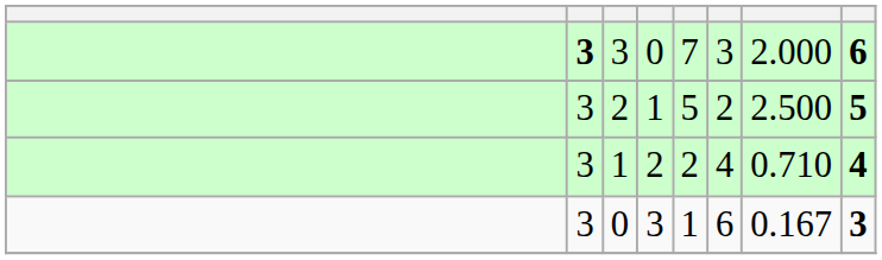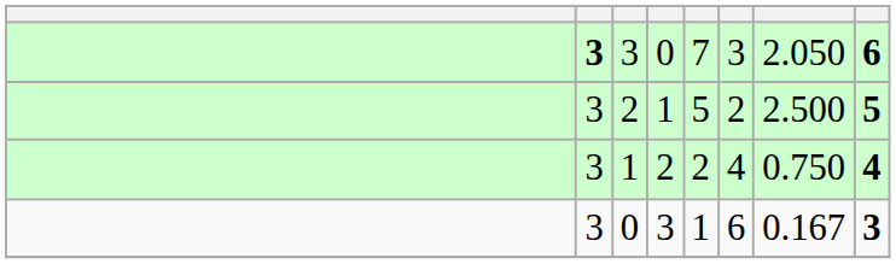 <table class="wikitable" style="text-align:center">
 <tr>
 <th width=240></th>
 <th width=5></th>
 <th width=5></th>
 <th width=5></th>
 <th width=5></th>
 <th width=5></th>
 <th width=5></th>
 <th width=5></th>
 </tr>
 <tr bgcolor="#ccffcc">
 <td style="text-align:left;"></td>
 <td><strong>3</strong></td>
 <td>3</td>
 <td>0</td>
 <td>7</td>
 <td>3</td>
-<td>2.000</td>
+<td>2.050</td>
 <td><strong>6</strong></td>
 </tr>
 <tr bgcolor="#ccffcc">
 <td style="text-align:left;"></td>
 <td>3</td>
 <td>2</td>
 <td>1</td>
 <td>5</td>
 <td>2</td>
 <td>2.500</td>
 <td><strong>5</strong></td>
 </tr>
 <tr bgcolor="#ccffcc">
 <td style="text-align:left;"></td>
 <td>3</td>
 <td>1</td>
 <td>2</td>
 <td>2</td>
 <td>4</td>
-<td>0.710</td>
+<td>0.750</td>
 <td><strong>4</strong></td>
 </tr>
 <tr>
 <td style="text-align:left;"></td>
 <td>3</td>
 <td>0</td>
 <td>3</td>
 <td>1</td>
 <td>6</td>
 <td>0.167</td>
 <td><strong>3</strong></td>
 </tr>
 <tr>
 </tr>
 </table>
